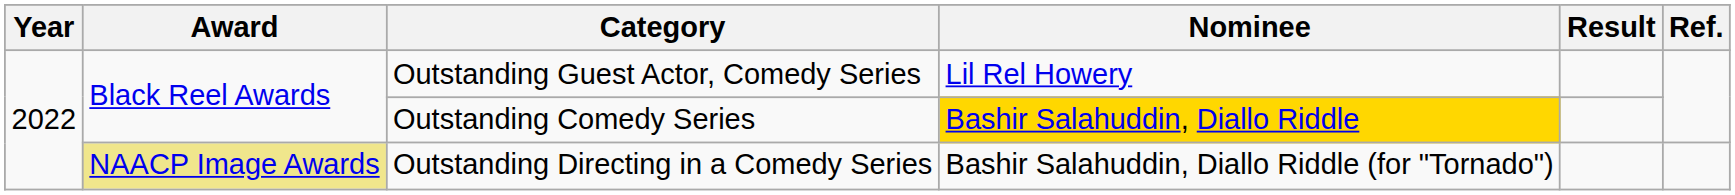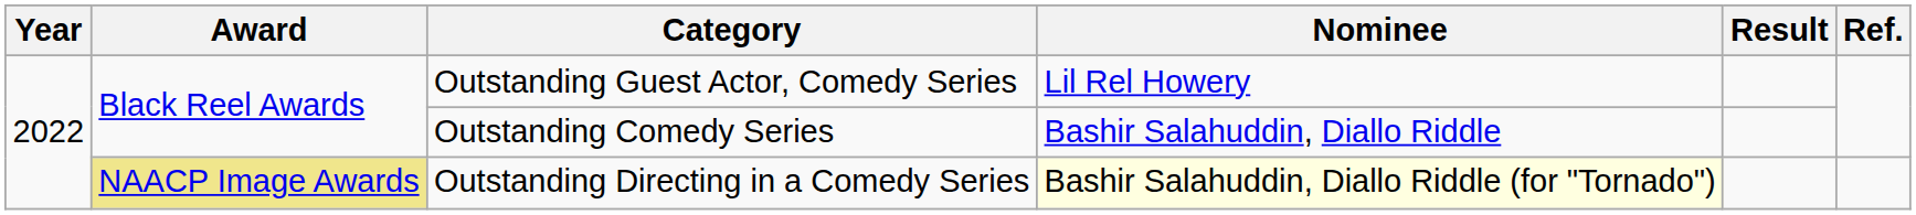 <table class="wikitable sortable">
 <tr>
 <th>Year</th>
 <th>Award</th>
 <th>Category</th>
 <th>Nominee</th>
 <th>Result</th>
 <th>Ref.</th>
 </tr>
 <tr>
 <td rowspan="3">2022</td>
 <td rowspan="2"><a href='#'>Black Reel Awards</a></td>
 <td>Outstanding Guest Actor, Comedy Series</td>
 <td><a href='#'>Lil Rel Howery</a></td>
 <td></td>
 <td rowspan="2"></td>
 </tr>
 <tr>
 <td>Outstanding Comedy Series</td>
-<td style="background: gold;"><a href='#'>Bashir Salahuddin</a>, <a href='#'>Diallo Riddle</a></td>
+<td><a href='#'>Bashir Salahuddin</a>, <a href='#'>Diallo Riddle</a></td>
 <td></td>
 </tr>
 <tr>
 <td style="background: khaki;"><a href='#'>NAACP Image Awards</a></td>
 <td>Outstanding Directing in a Comedy Series</td>
-<td>Bashir Salahuddin, Diallo Riddle (for "Tornado")</td>
+<td style="background: lightyellow;">Bashir Salahuddin, Diallo Riddle (for "Tornado")</td>
 <td></td>
 <td></td>
 </tr>
 </table>
